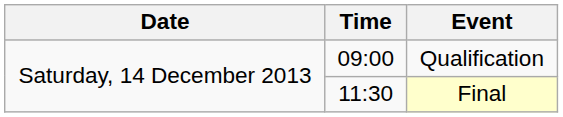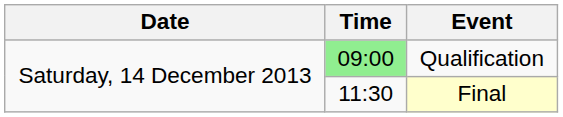 <table class = "wikitable" style="text-align:center;">
 <tr>
 <th width=220>Date</th>
 <th width=50>Time</th>
 <th width=100>Event</th>
 </tr>
 <tr>
 <td rowspan=2>Saturday, 14 December 2013</td>
-<td>09:00</td>
+<td style="background: lightgreen;">09:00</td>
 <td>Qualification</td>
 </tr>
 <tr>
 <td>11:30</td>
 <td bgcolor=ffffcc>Final</td>
 </tr>
 </table>
